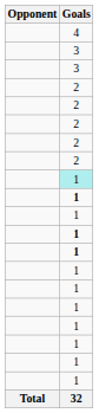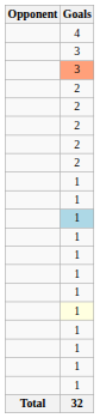 <table class="wikitable sortable">
 <tr>
 <th scope="col">Opponent</th>
 <th scope="col">Goals</th>
 </tr>
 <tr>
 <td></td>
 <td align="center">4</td>
 </tr>
 <tr>
 <td></td>
 <td align="center">3</td>
 </tr>
 <tr>
 <td></td>
-<td align="center">3</td>
+<td align="center" style="background: lightsalmon;">3</td>
 </tr>
 <tr>
 <td></td>
 <td align="center">2</td>
 </tr>
 <tr>
 <td></td>
 <td align="center">2</td>
 </tr>
 <tr>
 <td></td>
 <td align="center">2</td>
 </tr>
 <tr>
 <td></td>
 <td align="center">2</td>
 </tr>
 <tr>
 <td></td>
 <td align="center">2</td>
 </tr>
 <tr>
 <td></td>
-<td align="center" style="background: paleturquoise;">1</td>
-</tr>
-<tr>
-<td></td>
-<td align="center"><strong>1</strong></td>
+<td align="center">1</td>
 </tr>
 <tr>
 <td></td>
 <td align="center">1</td>
 </tr>
 <tr>
 <td></td>
-<td align="center"><strong>1</strong></td>
-</tr>
-<tr>
-<td></td>
-<td align="center"><strong>1</strong></td>
+<td align="center" style="background: lightblue;">1</td>
 </tr>
 <tr>
 <td></td>
 <td align="center">1</td>
 </tr>
 <tr>
 <td></td>
 <td align="center">1</td>
 </tr>
 <tr>
 <td></td>
 <td align="center">1</td>
+</tr>
+<tr>
+<td></td>
+<td align="center">1</td>
+</tr>
+<tr>
+<td></td>
+<td align="center" style="background: lightyellow;">1</td>
 </tr>
 <tr>
 <td></td>
 <td align="center">1</td>
 </tr>
 <tr>
 <td></td>
 <td align="center">1</td>
 </tr>
 <tr>
 <td></td>
 <td align="center">1</td>
 </tr>
 <tr>
 <td></td>
 <td align="center">1</td>
 </tr>
 <tr>
 <th scope="row">Total</th>
 <th>32</th>
 </tr>
 </table>
